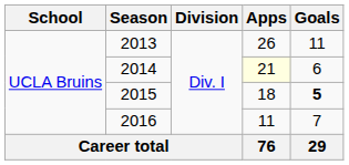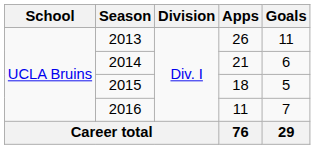 <table class="wikitable" style="text-align: center;">
 <tr>
 <th>School</th>
 <th>Season</th>
 <th>Division</th>
 <th>Apps</th>
 <th>Goals</th>
 </tr>
 <tr>
 <td rowspan="4"><a href='#'>UCLA Bruins</a></td>
 <td>2013</td>
 <td rowspan="4"><a href='#'>Div. I</a></td>
 <td>26</td>
 <td>11</td>
 </tr>
 <tr>
 <td>2014</td>
-<td style="background: lightyellow;">21</td>
+<td>21</td>
 <td>6</td>
 </tr>
 <tr>
 <td>2015</td>
 <td>18</td>
-<td><strong>5</strong></td>
+<td>5</td>
 </tr>
 <tr>
 <td>2016</td>
 <td>11</td>
 <td>7</td>
 </tr>
 <tr>
 <th colspan="3">Career total</th>
 <th>76</th>
 <th>29</th>
 </tr>
 </table>
